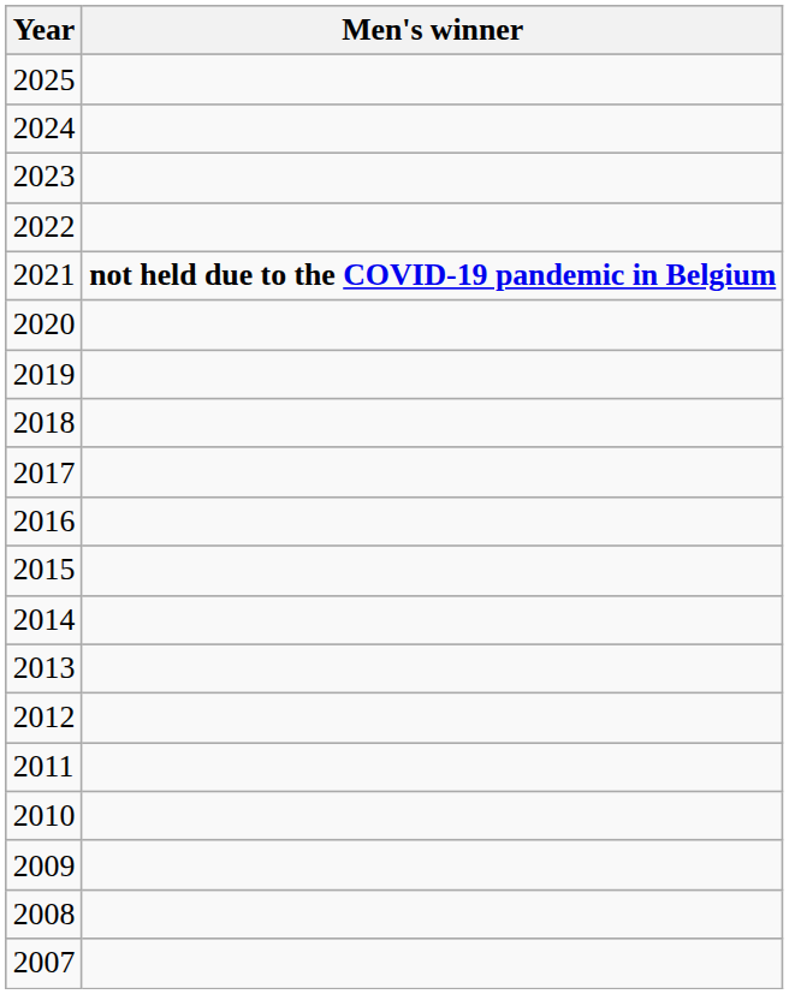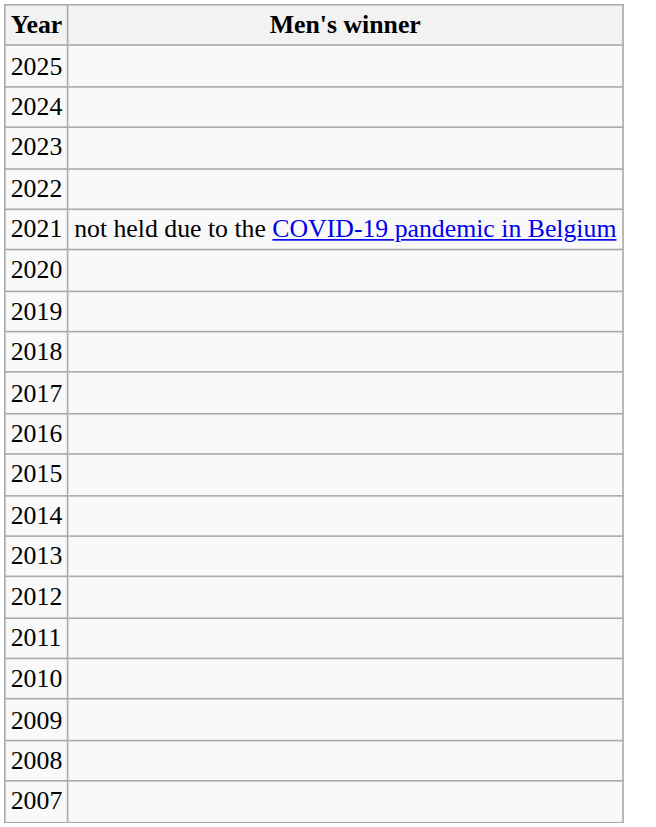 <table class="wikitable">
 <tr>
 <th>Year</th>
 <th>Men's winner</th>
 </tr>
 <tr>
 <td>2025</td>
 <td></td>
 </tr>
 <tr>
 <td>2024</td>
 <td></td>
 </tr>
 <tr>
 <td>2023</td>
 <td></td>
 </tr>
 <tr>
 <td>2022</td>
 <td></td>
 </tr>
 <tr>
 <td>2021</td>
-<td><strong>not held due to the <a href='#'>COVID-19 pandemic in Belgium</a></strong></td>
+<td>not held due to the <a href='#'>COVID-19 pandemic in Belgium</a></td>
 </tr>
 <tr>
 <td>2020</td>
 <td></td>
 </tr>
 <tr>
 <td>2019</td>
 <td></td>
 </tr>
 <tr>
 <td>2018</td>
 <td></td>
 </tr>
 <tr>
 <td>2017</td>
 <td></td>
 </tr>
 <tr>
 <td>2016</td>
 <td></td>
 </tr>
 <tr>
 <td>2015</td>
 <td></td>
 </tr>
 <tr>
 <td>2014</td>
 <td></td>
 </tr>
 <tr>
 <td>2013</td>
 <td></td>
 </tr>
 <tr>
 <td>2012</td>
 <td></td>
 </tr>
 <tr>
 <td>2011</td>
 <td></td>
 </tr>
 <tr>
 <td>2010</td>
 <td></td>
 </tr>
 <tr>
 <td>2009</td>
 <td></td>
 </tr>
 <tr>
 <td>2008</td>
 <td></td>
 </tr>
 <tr>
 <td>2007</td>
 <td></td>
 </tr>
 </table>
